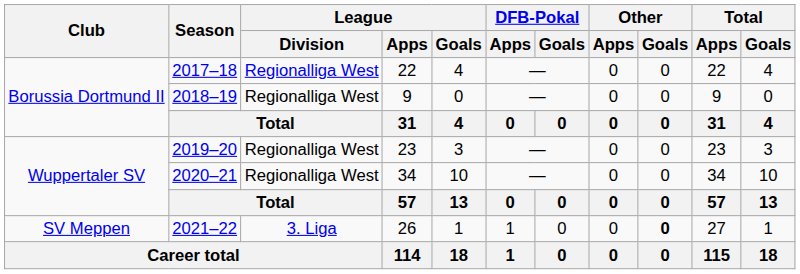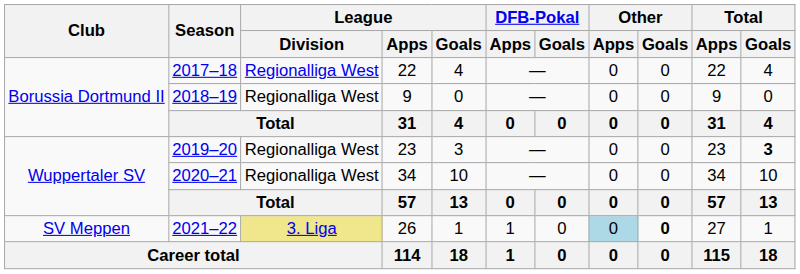 <table class="wikitable" style="text-align: center">
 <tr>
 <th rowspan="2">Club</th>
 <th rowspan="2">Season</th>
 <th colspan="3">League</th>
 <th colspan="2"><a href='#'>DFB-Pokal</a></th>
 <th colspan="2">Other</th>
 <th colspan="2">Total</th>
 </tr>
 <tr>
 <th>Division</th>
 <th>Apps</th>
 <th>Goals</th>
 <th>Apps</th>
 <th>Goals</th>
 <th>Apps</th>
 <th>Goals</th>
 <th>Apps</th>
 <th>Goals</th>
 </tr>
 <tr>
 <td rowspan="3"><a href='#'>Borussia Dortmund II</a></td>
 <td><a href='#'>2017–18</a></td>
 <td><a href='#'>Regionalliga West</a></td>
 <td>22</td>
 <td>4</td>
 <td colspan="2">—</td>
 <td>0</td>
 <td>0</td>
 <td>22</td>
 <td>4</td>
 </tr>
 <tr>
 <td><a href='#'>2018–19</a></td>
 <td>Regionalliga West</td>
 <td>9</td>
 <td>0</td>
 <td colspan="2">—</td>
 <td>0</td>
 <td>0</td>
 <td>9</td>
 <td>0</td>
 </tr>
 <tr>
 <th colspan="2">Total</th>
 <th>31</th>
 <th>4</th>
 <th>0</th>
 <th>0</th>
 <th>0</th>
 <th>0</th>
 <th>31</th>
 <th>4</th>
 </tr>
 <tr>
 <td rowspan="3"><a href='#'>Wuppertaler SV</a></td>
 <td><a href='#'>2019–20</a></td>
 <td>Regionalliga West</td>
 <td>23</td>
 <td>3</td>
 <td colspan="2">—</td>
 <td>0</td>
 <td>0</td>
 <td>23</td>
-<td>3</td>
+<td><strong>3</strong></td>
 </tr>
 <tr>
 <td><a href='#'>2020–21</a></td>
 <td>Regionalliga West</td>
 <td>34</td>
 <td>10</td>
 <td colspan="2">—</td>
 <td>0</td>
 <td>0</td>
 <td>34</td>
 <td>10</td>
 </tr>
 <tr>
 <th colspan="2">Total</th>
 <th>57</th>
 <th>13</th>
 <th>0</th>
 <th>0</th>
 <th>0</th>
 <th>0</th>
 <th>57</th>
 <th>13</th>
 </tr>
 <tr>
 <td><a href='#'>SV Meppen</a></td>
 <td><a href='#'>2021–22</a></td>
-<td><a href='#'>3. Liga</a></td>
+<td style="background: khaki;"><a href='#'>3. Liga</a></td>
 <td>26</td>
 <td>1</td>
 <td>1</td>
 <td>0</td>
-<td>0</td>
+<td style="background: lightblue;">0</td>
 <td><strong>0</strong></td>
 <td>27</td>
 <td>1</td>
 </tr>
 <tr>
 <th colspan="3">Career total</th>
 <th>114</th>
 <th>18</th>
 <th>1</th>
 <th>0</th>
 <th>0</th>
 <th>0</th>
 <th>115</th>
 <th>18</th>
 </tr>
 </table>
